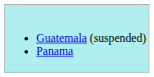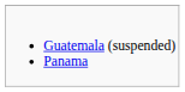 <table class="wikitable">
 <tr>
 </tr>
 <tr>
-<td style="background: paleturquoise;"><br><ul><li> <a href='#'>Guatemala</a> (suspended)</li><li> <a href='#'>Panama</a></li></ul></td>
+<td><br><ul><li> <a href='#'>Guatemala</a> (suspended)</li><li> <a href='#'>Panama</a></li></ul></td>
 </tr>
 </table>
